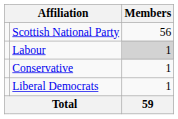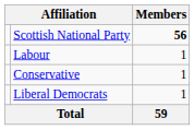 <table class="wikitable">
 <tr>
 <th colspan="2">Affiliation</th>
 <th>Members</th>
 </tr>
 <tr>
 <td style="color:inherit;background:"></td>
 <td><a href='#'>Scottish National Party</a></td>
-<td align="right">56</td>
+<td align="right"><strong>56</strong></td>
 </tr>
 <tr>
 <td style="color:inherit;background:"></td>
 <td><a href='#'>Labour</a></td>
-<td align="right" style="background: lightgrey;">1</td>
+<td align="right">1</td>
 </tr>
 <tr>
 <td style="color:inherit;background:"></td>
 <td><a href='#'>Conservative</a></td>
 <td align="right">1</td>
 </tr>
 <tr>
 <td style="color:inherit;background:"></td>
 <td><a href='#'>Liberal Democrats</a></td>
 <td align="right">1</td>
 </tr>
 <tr>
 <th colspan="2" rowspan="1"> Total</th>
 <th align="right">59</th>
 </tr>
 </table>
